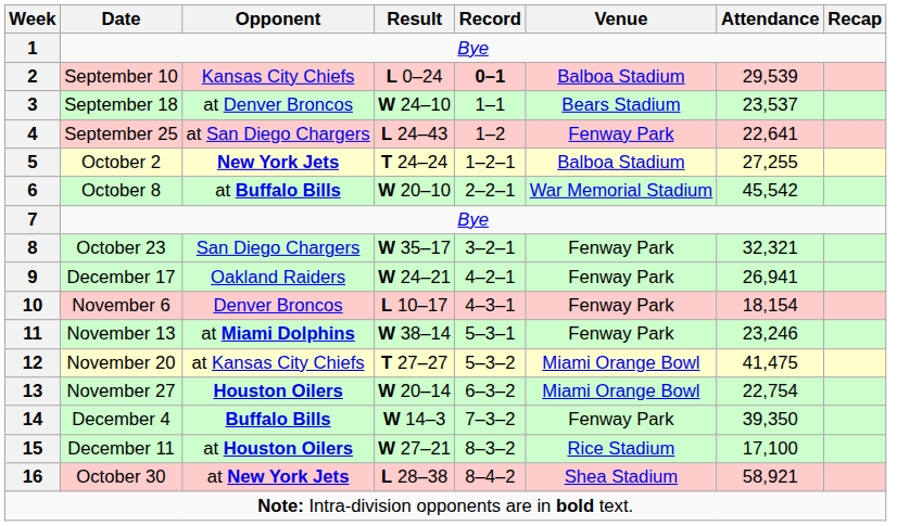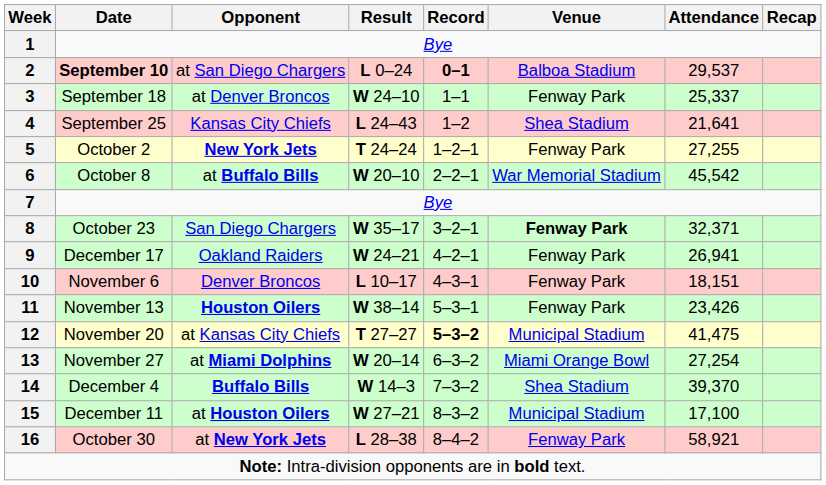 <table class="wikitable" style="text-align:center">
 <tr>
 <th>Week</th>
 <th>Date</th>
 <th>Opponent</th>
 <th>Result</th>
 <th>Record</th>
 <th>Venue</th>
 <th>Attendance</th>
 <th>Recap</th>
 </tr>
 <tr>
 <th>1</th>
 <td colspan="7" align="center"><em><a href='#'>Bye</a></em></td>
 </tr>
 <tr style="background:#fcc">
 <th>2</th>
-<td>September 10</td>
-<td><a href='#'>Kansas City Chiefs</a></td>
+<td><strong>September 10</strong></td>
+<td>at <a href='#'>San Diego Chargers</a></td>
 <td><strong>L</strong> 0–24</td>
 <td><strong>0–1</strong></td>
 <td><a href='#'>Balboa Stadium</a></td>
-<td>29,539</td>
+<td>29,537</td>
 <td></td>
 </tr>
 <tr style="background:#cfc">
 <th>3</th>
 <td>September 18</td>
 <td>at <a href='#'>Denver Broncos</a></td>
 <td><strong>W</strong> 24–10</td>
 <td>1–1</td>
-<td><a href='#'>Bears Stadium</a></td>
-<td>23,537</td>
+<td>Fenway Park</td>
+<td>25,337</td>
 <td></td>
 </tr>
 <tr style="background:#fcc">
 <th>4</th>
 <td>September 25</td>
-<td>at <a href='#'>San Diego Chargers</a></td>
+<td><a href='#'>Kansas City Chiefs</a></td>
 <td><strong>L</strong> 24–43</td>
 <td>1–2</td>
-<td><a href='#'>Fenway Park</a></td>
-<td>22,641</td>
+<td><a href='#'>Shea Stadium</a></td>
+<td>21,641</td>
 <td></td>
 </tr>
 <tr style="background:#ffc">
 <th>5</th>
 <td>October 2</td>
 <td><strong><a href='#'>New York Jets</a></strong></td>
 <td><strong>T</strong> 24–24</td>
 <td>1–2–1</td>
-<td><a href='#'>Balboa Stadium</a></td>
+<td>Fenway Park</td>
 <td>27,255</td>
 <td></td>
 </tr>
 <tr style="background:#cfc">
 <th>6</th>
 <td>October 8</td>
 <td>at <strong><a href='#'>Buffalo Bills</a></strong></td>
 <td><strong>W</strong> 20–10</td>
 <td>2–2–1</td>
 <td><a href='#'>War Memorial Stadium</a></td>
 <td>45,542</td>
 <td></td>
 </tr>
 <tr>
 <th>7</th>
 <td colspan="7" align="center"><em><a href='#'>Bye</a></em></td>
 </tr>
 <tr style="background:#cfc">
 <th>8</th>
 <td>October 23</td>
 <td><a href='#'>San Diego Chargers</a></td>
 <td><strong>W</strong> 35–17</td>
 <td>3–2–1</td>
-<td>Fenway Park</td>
-<td>32,321</td>
+<td><strong>Fenway Park</strong></td>
+<td>32,371</td>
 <td></td>
 </tr>
 <tr style="background:#cfc">
 <th>9</th>
 <td>December 17</td>
 <td><a href='#'>Oakland Raiders</a></td>
 <td><strong>W</strong> 24–21</td>
 <td>4–2–1</td>
 <td>Fenway Park</td>
 <td>26,941</td>
 <td></td>
 </tr>
 <tr style="background:#fcc">
 <th>10</th>
 <td>November 6</td>
 <td><a href='#'>Denver Broncos</a></td>
 <td><strong>L</strong> 10–17</td>
 <td>4–3–1</td>
 <td>Fenway Park</td>
-<td>18,154</td>
+<td>18,151</td>
 <td></td>
 </tr>
 <tr style="background:#cfc">
 <th>11</th>
 <td>November 13</td>
-<td>at <strong><a href='#'>Miami Dolphins</a></strong></td>
+<td><strong><a href='#'>Houston Oilers</a></strong></td>
 <td><strong>W</strong> 38–14</td>
 <td>5–3–1</td>
 <td>Fenway Park</td>
-<td>23,246</td>
+<td>23,426</td>
 <td></td>
 </tr>
 <tr style="background:#ffc">
 <th>12</th>
 <td>November 20</td>
 <td>at <a href='#'>Kansas City Chiefs</a></td>
 <td><strong>T</strong> 27–27</td>
-<td>5–3–2</td>
-<td><a href='#'>Miami Orange Bowl</a></td>
+<td><strong>5–3–2</strong></td>
+<td><a href='#'>Municipal Stadium</a></td>
 <td>41,475</td>
 <td></td>
 </tr>
 <tr style="background:#cfc">
 <th>13</th>
 <td>November 27</td>
-<td><strong><a href='#'>Houston Oilers</a></strong></td>
+<td>at <strong><a href='#'>Miami Dolphins</a></strong></td>
 <td><strong>W</strong> 20–14</td>
 <td>6–3–2</td>
 <td><a href='#'>Miami Orange Bowl</a></td>
-<td>22,754</td>
+<td>27,254</td>
 <td></td>
 </tr>
 <tr style="background:#cfc">
 <th>14</th>
 <td>December 4</td>
 <td><strong><a href='#'>Buffalo Bills</a></strong></td>
 <td><strong>W</strong> 14–3</td>
 <td>7–3–2</td>
-<td>Fenway Park</td>
-<td>39,350</td>
+<td><a href='#'>Shea Stadium</a></td>
+<td>39,370</td>
 <td></td>
 </tr>
 <tr style="background:#cfc">
 <th>15</th>
 <td>December 11</td>
 <td>at <strong><a href='#'>Houston Oilers</a></strong></td>
 <td><strong>W</strong> 27–21</td>
 <td>8–3–2</td>
-<td><a href='#'>Rice Stadium</a></td>
+<td><a href='#'>Municipal Stadium</a></td>
 <td>17,100</td>
 <td></td>
 </tr>
 <tr style="background:#fcc">
 <th>16</th>
 <td>October 30</td>
 <td>at <strong><a href='#'>New York Jets</a></strong></td>
 <td><strong>L</strong> 28–38</td>
 <td>8–4–2</td>
-<td><a href='#'>Shea Stadium</a></td>
+<td><a href='#'>Fenway Park</a></td>
 <td>58,921</td>
 <td></td>
 </tr>
 <tr>
 <td colspan="8"><strong>Note:</strong> Intra-division opponents are in <strong>bold</strong> text.</td>
 </tr>
 </table>
